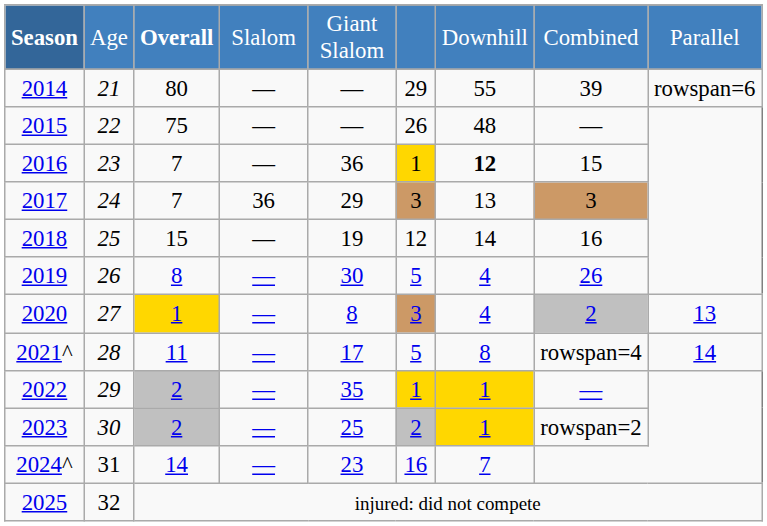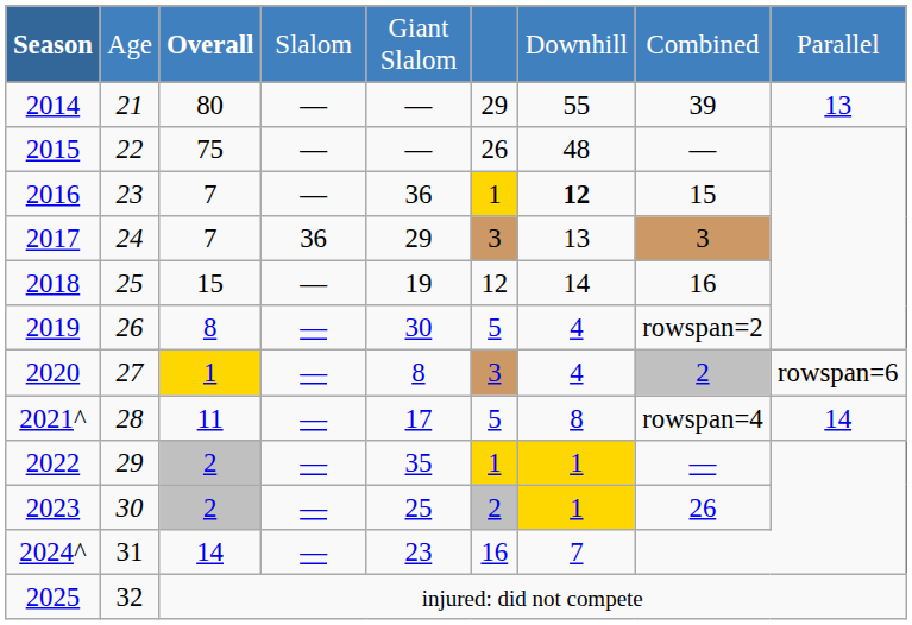 <table class="wikitable" style="font-size:95%; text-align:center; border:grey solid 1px; border-collapse:collapse;" width="40%">
 <tr style="background-color:#369; color:white;">
 <td rowspan="2" colspan="1" width="5%"><strong>Season</strong></td>
 </tr>
 <tr style="background-color:#4180be; color:white;">
 <td width="3%">Age</td>
 <td width="5%"><strong>Overall</strong></td>
 <td width="5%"> Slalom </td>
 <td width="5%">Giant<br> Slalom </td>
 <td width="5%"></td>
 <td width="5%">Downhill</td>
 <td width="5%">Combined</td>
 <td width="5%">Parallel</td>
 </tr>
 <tr style="background-color:#8CB2D8; color:white;">
 </tr>
 <tr>
 <td><a href='#'>2014</a></td>
 <td><em>21</em></td>
 <td>80</td>
 <td>—</td>
 <td>—</td>
 <td>29</td>
 <td>55</td>
 <td>39</td>
-<td>rowspan=6 </td>
+<td><a href='#'>13</a></td>
 </tr>
 <tr>
 <td><a href='#'>2015</a></td>
 <td><em>22</em></td>
 <td>75</td>
 <td>—</td>
 <td>—</td>
 <td>26</td>
 <td>48</td>
 <td>—</td>
 </tr>
 <tr>
 <td><a href='#'>2016</a></td>
 <td><em>23</em></td>
 <td>7</td>
 <td>—</td>
 <td>36</td>
 <td bgcolor="gold">1</td>
 <td><strong>12</strong></td>
 <td>15</td>
 </tr>
 <tr>
 <td><a href='#'>2017</a></td>
 <td><em>24</em></td>
 <td>7</td>
 <td>36</td>
 <td>29</td>
 <td style="background:#c96;">3</td>
 <td>13</td>
 <td style="background:#c96;">3</td>
 </tr>
 <tr>
 <td><a href='#'>2018</a></td>
 <td><em>25</em></td>
 <td>15</td>
 <td>—</td>
 <td>19</td>
 <td>12</td>
 <td>14</td>
 <td>16</td>
 </tr>
 <tr>
 <td><a href='#'>2019</a></td>
 <td><em>26</em></td>
 <td><a href='#'>8</a></td>
 <td><a href='#'>—</a></td>
 <td><a href='#'>30</a></td>
 <td><a href='#'>5</a></td>
 <td><a href='#'>4</a></td>
-<td><a href='#'>26</a></td>
+<td>rowspan=2 </td>
 </tr>
 <tr>
 <td><a href='#'>2020</a></td>
 <td><em>27</em></td>
 <td bgcolor="gold"><a href='#'>1</a></td>
 <td><a href='#'>—</a></td>
 <td><a href='#'>8</a></td>
 <td style="background:#c96;"><a href='#'>3</a></td>
 <td><a href='#'>4</a></td>
 <td style="background:silver;"><a href='#'>2</a></td>
-<td><a href='#'>13</a></td>
+<td>rowspan=6 </td>
 </tr>
 <tr>
 <td><a href='#'>2021</a>^</td>
 <td><em>28</em></td>
 <td><a href='#'>11</a></td>
 <td><a href='#'>—</a></td>
 <td><a href='#'>17</a></td>
 <td><a href='#'>5</a></td>
 <td><a href='#'>8</a></td>
 <td>rowspan=4 </td>
 <td><a href='#'>14</a></td>
 </tr>
 <tr>
 <td><a href='#'>2022</a></td>
 <td><em>29</em></td>
 <td style="background:silver;"><a href='#'>2</a></td>
 <td><a href='#'>—</a></td>
 <td><a href='#'>35</a></td>
 <td style="background:gold;"><a href='#'>1</a></td>
 <td style="background:gold;"><a href='#'>1</a></td>
 <td><a href='#'>—</a></td>
 </tr>
 <tr>
 <td><a href='#'>2023</a></td>
 <td><em>30</em></td>
 <td style="background:silver;"><a href='#'>2</a></td>
 <td><a href='#'>—</a></td>
 <td><a href='#'>25</a></td>
 <td style="background:silver;"><a href='#'>2</a><em></td>
 <td style="background:gold;"><a href='#'>1</a></td>
-<td>rowspan=2 </td>
+<td><a href='#'>26</a></td>
 </tr>
 <tr>
 <td><a href='#'>2024</a>^</td>
 <td></em>31<em></td>
 <td><a href='#'>14</a></td>
 <td><a href='#'>—</a></td>
 <td><a href='#'>23</a></td>
 <td><a href='#'>16</a></td>
 <td><a href='#'>7</a></td>
 </tr>
 <tr>
 <td><a href='#'>2025</a></td>
 <td></em>32<em></td>
 <td colspan=7></em><small>injured: did not compete</small><em></td>
 </tr>
 </table>
